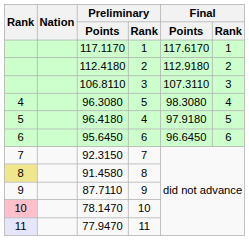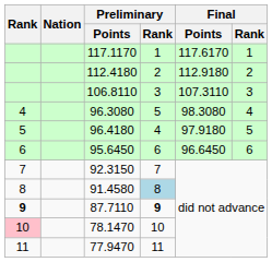 <table class="wikitable sortable" style="text-align:center">
 <tr>
 <th rowspan=2>Rank</th>
 <th rowspan=2>Nation</th>
 <th colspan=2>Preliminary</th>
 <th colspan=2>Final</th>
 </tr>
 <tr>
 <th>Points</th>
 <th>Rank</th>
 <th>Points</th>
 <th>Rank</th>
 </tr>
 <tr bgcolor=ccffcc>
 <td></td>
 <td align=left></td>
 <td>117.1170</td>
 <td>1</td>
 <td>117.6170</td>
 <td>1</td>
 </tr>
 <tr bgcolor=ccffcc>
 <td></td>
 <td align=left></td>
 <td>112.4180</td>
 <td>2</td>
 <td>112.9180</td>
 <td>2</td>
 </tr>
 <tr bgcolor=ccffcc>
 <td></td>
 <td align=left></td>
 <td>106.8110</td>
 <td>3</td>
 <td>107.3110</td>
 <td>3</td>
 </tr>
 <tr bgcolor=ccffcc>
 <td>4</td>
 <td align=left></td>
 <td>96.3080</td>
 <td>5</td>
 <td>98.3080</td>
 <td>4</td>
 </tr>
 <tr bgcolor=ccffcc>
 <td>5</td>
 <td align=left></td>
 <td>96.4180</td>
 <td>4</td>
 <td>97.9180</td>
 <td>5</td>
 </tr>
 <tr bgcolor=ccffcc>
 <td>6</td>
 <td align=left></td>
 <td>95.6450</td>
 <td>6</td>
 <td>96.6450</td>
 <td>6</td>
 </tr>
 <tr>
 <td>7</td>
 <td align=left></td>
 <td>92.3150</td>
 <td>7</td>
 <td rowspan=5 colspan=2>did not advance</td>
 </tr>
 <tr>
-<td style="background: khaki;">8</td>
+<td>8</td>
 <td align=left></td>
 <td>91.4580</td>
-<td>8</td>
+<td style="background: lightblue;">8</td>
 </tr>
 <tr>
-<td>9</td>
+<td><strong>9</strong></td>
 <td align=left></td>
 <td>87.7110</td>
-<td>9</td>
+<td><strong>9</strong></td>
 </tr>
 <tr>
 <td style="background: pink;">10</td>
 <td align=left></td>
 <td>78.1470</td>
 <td>10</td>
 </tr>
 <tr>
-<td style="background: lavender;">11</td>
+<td>11</td>
 <td align=left></td>
 <td>77.9470</td>
 <td>11</td>
 </tr>
 </table>
